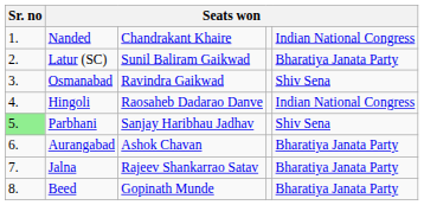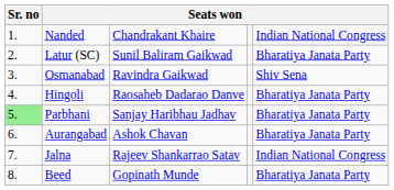 <table class="wikitable">
 <tr>
 <th>Sr. no</th>
 <th colspan="4">Seats won</th>
 </tr>
 <tr>
 <td>1.</td>
 <td><a href='#'>Nanded</a></td>
 <td><a href='#'>Chandrakant Khaire</a></td>
 <td style="background-color: "></td>
 <td><a href='#'>Indian National Congress</a></td>
 </tr>
 <tr>
 <td>2.</td>
 <td><a href='#'>Latur</a> (SC)</td>
 <td><a href='#'>Sunil Baliram Gaikwad</a></td>
 <td style="background-color:"></td>
 <td><a href='#'>Bharatiya Janata Party</a></td>
 </tr>
 <tr>
 <td>3.</td>
 <td><a href='#'>Osmanabad</a></td>
 <td><a href='#'>Ravindra Gaikwad</a></td>
 <td style="background-color: "></td>
 <td><a href='#'>Shiv Sena</a></td>
 </tr>
 <tr>
 <td>4.</td>
 <td><a href='#'>Hingoli</a></td>
 <td><a href='#'>Raosaheb Dadarao Danve</a></td>
 <td style="background-color: "></td>
-<td><a href='#'>Indian National Congress</a></td>
+<td><a href='#'>Bharatiya Janata Party</a></td>
 </tr>
 <tr>
 <td style="background: lightgreen;">5.</td>
 <td><a href='#'>Parbhani</a></td>
 <td><a href='#'>Sanjay Haribhau Jadhav</a></td>
 <td style="background-color: "></td>
-<td><a href='#'>Shiv Sena</a></td>
+<td><a href='#'>Bharatiya Janata Party</a></td>
 </tr>
 <tr>
 <td>6.</td>
 <td><a href='#'>Aurangabad</a></td>
 <td><a href='#'>Ashok Chavan</a></td>
 <td style="background-color: "></td>
 <td><a href='#'>Bharatiya Janata Party</a></td>
 </tr>
 <tr>
 <td>7.</td>
 <td><a href='#'>Jalna</a></td>
 <td><a href='#'>Rajeev Shankarrao Satav</a></td>
 <td style="background-color:"></td>
-<td><a href='#'>Bharatiya Janata Party</a></td>
+<td><a href='#'>Indian National Congress</a></td>
 </tr>
 <tr>
 <td>8.</td>
 <td><a href='#'>Beed</a></td>
 <td><a href='#'>Gopinath Munde</a></td>
 <td style="background-color:"></td>
 <td><a href='#'>Bharatiya Janata Party</a></td>
 </tr>
 </table>
